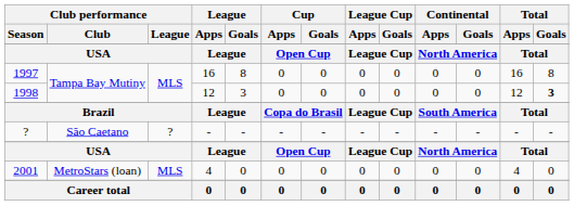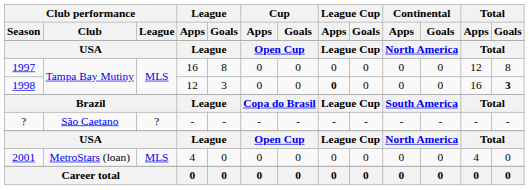 <table class="wikitable" style="text-align:center">
 <tr>
 <th colspan=3>Club performance</th>
 <th colspan=2>League</th>
 <th colspan=2>Cup</th>
 <th colspan=2>League Cup</th>
 <th colspan=2>Continental</th>
 <th colspan=2>Total</th>
 </tr>
 <tr>
 <th>Season</th>
 <th>Club</th>
 <th>League</th>
 <th>Apps</th>
 <th>Goals</th>
 <th>Apps</th>
 <th>Goals</th>
 <th>Apps</th>
 <th>Goals</th>
 <th>Apps</th>
 <th>Goals</th>
 <th>Apps</th>
 <th>Goals</th>
 </tr>
 <tr>
 </tr>
 <tr>
 <th colspan=3>USA</th>
 <th colspan=2>League</th>
 <th colspan=2><a href='#'>Open Cup</a></th>
 <th colspan=2>League Cup</th>
 <th colspan=2><a href='#'>North America</a></th>
 <th colspan=2>Total</th>
 </tr>
 <tr>
 <td><a href='#'>1997</a></td>
 <td rowspan="2"><a href='#'>Tampa Bay Mutiny</a></td>
 <td rowspan="2"><a href='#'>MLS</a></td>
 <td>16</td>
 <td>8</td>
 <td>0</td>
 <td>0</td>
 <td>0</td>
 <td>0</td>
 <td>0</td>
 <td>0</td>
-<td>16</td>
+<td>12</td>
 <td>8</td>
 </tr>
 <tr>
 <td><a href='#'>1998</a></td>
 <td>12</td>
 <td>3</td>
 <td>0</td>
 <td>0</td>
+<td><strong>0</strong></td>
 <td>0</td>
 <td>0</td>
 <td>0</td>
-<td>0</td>
-<td>12</td>
+<td>16</td>
 <td><strong>3</strong></td>
 </tr>
 <tr>
 </tr>
 <tr>
 <th colspan=3>Brazil</th>
 <th colspan=2>League</th>
 <th colspan=2><a href='#'>Copa do Brasil</a></th>
 <th colspan=2>League Cup</th>
 <th colspan=2><a href='#'>South America</a></th>
 <th colspan=2>Total</th>
 </tr>
 <tr>
 <td>?</td>
 <td><a href='#'>São Caetano</a></td>
 <td>?</td>
 <td>-</td>
 <td>-</td>
 <td>-</td>
 <td>-</td>
 <td>-</td>
 <td>-</td>
 <td>-</td>
 <td>-</td>
 <td>-</td>
 <td>-</td>
 </tr>
 <tr>
 </tr>
 <tr>
 <th colspan=3>USA</th>
 <th colspan=2>League</th>
 <th colspan=2><a href='#'>Open Cup</a></th>
 <th colspan=2>League Cup</th>
 <th colspan=2><a href='#'>North America</a></th>
 <th colspan=2>Total</th>
 </tr>
 <tr>
 <td><a href='#'>2001</a></td>
 <td><a href='#'>MetroStars</a> (loan)</td>
 <td><a href='#'>MLS</a></td>
 <td>4</td>
 <td>0</td>
 <td>0</td>
 <td>0</td>
 <td>0</td>
 <td>0</td>
 <td>0</td>
 <td>0</td>
 <td>4</td>
 <td>0</td>
 </tr>
 <tr>
 </tr>
 <tr>
 <th colspan=3>Career total</th>
 <th>0</th>
 <th>0</th>
 <th>0</th>
 <th>0</th>
 <th>0</th>
 <th>0</th>
 <th>0</th>
 <th>0</th>
 <th>0</th>
 <th>0</th>
 </tr>
 </table>
